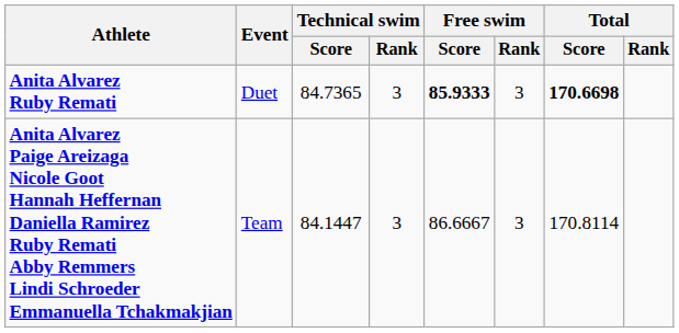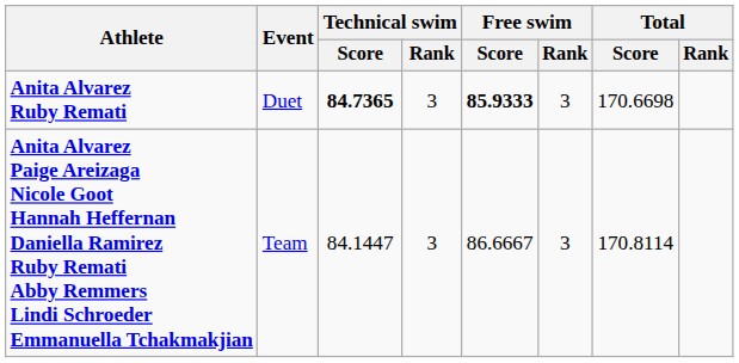 <table class=wikitable style=font-size:90%;text-align:center>
 <tr>
 <th rowspan=2>Athlete</th>
 <th rowspan=2>Event</th>
 <th colspan=2>Technical swim</th>
 <th colspan=2>Free swim</th>
 <th colspan=2>Total</th>
 </tr>
 <tr style=font-size:95%>
 <th>Score</th>
 <th>Rank</th>
 <th>Score</th>
 <th>Rank</th>
 <th>Score</th>
 <th>Rank</th>
 </tr>
 <tr>
 <td align=left><strong><a href='#'>Anita Alvarez</a><br><a href='#'>Ruby Remati</a></strong></td>
 <td align=left><a href='#'>Duet</a></td>
-<td>84.7365</td>
+<td><strong>84.7365</strong></td>
 <td>3</td>
 <td><strong>85.9333</strong></td>
 <td>3</td>
-<td><strong>170.6698</strong></td>
+<td>170.6698</td>
 <td></td>
 </tr>
 <tr>
 <td align=left><strong><a href='#'>Anita Alvarez</a><br><a href='#'>Paige Areizaga</a><br><a href='#'>Nicole Goot</a><br><a href='#'>Hannah Heffernan</a><br><a href='#'>Daniella Ramirez</a><br><a href='#'>Ruby Remati</a><br><a href='#'>Abby Remmers</a><br><a href='#'>Lindi Schroeder</a><br><a href='#'>Emmanuella Tchakmakjian</a></strong></td>
 <td align=left><a href='#'>Team</a></td>
 <td>84.1447</td>
 <td>3</td>
 <td>86.6667</td>
 <td>3</td>
 <td>170.8114</td>
 <td></td>
 </tr>
 </table>
